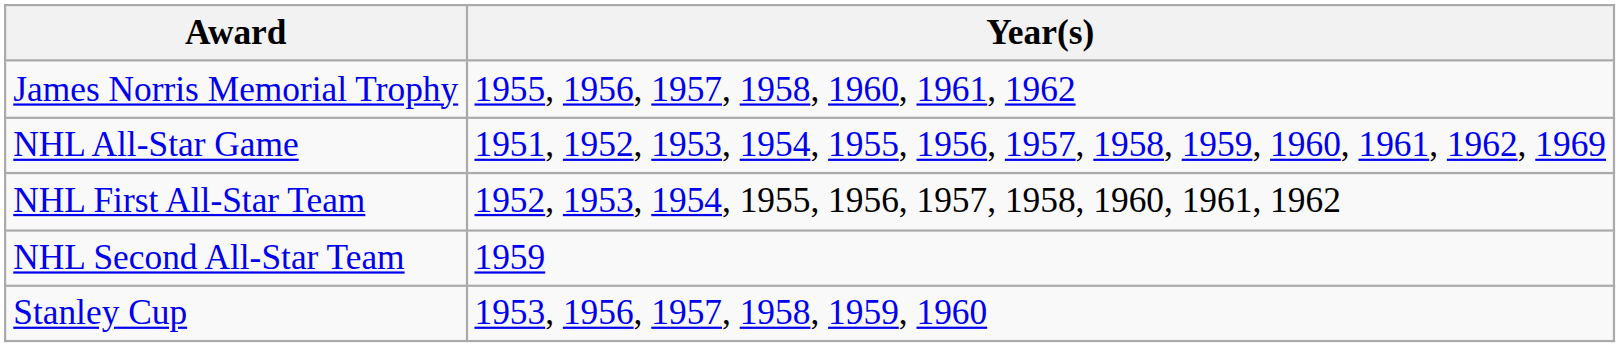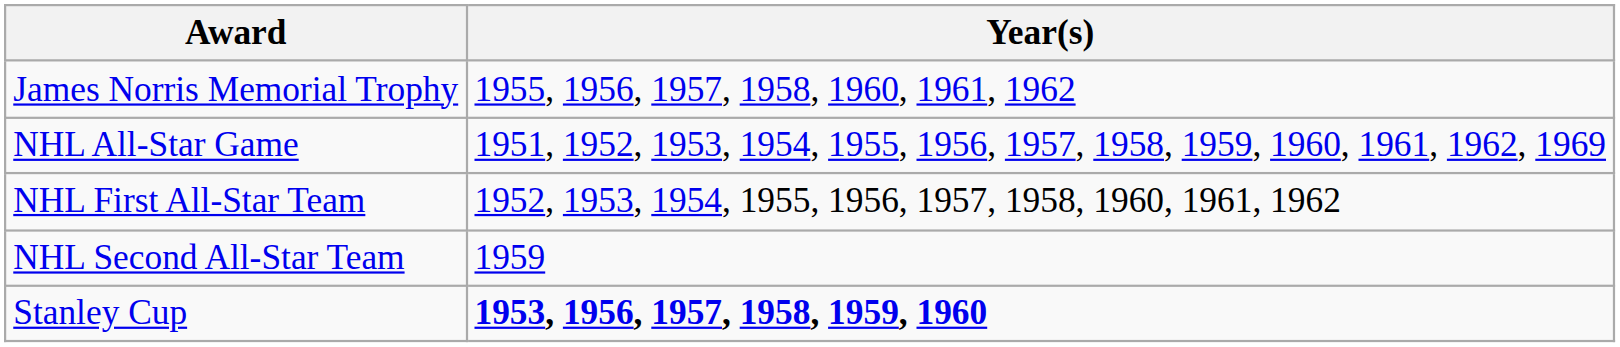 <table class="wikitable">
 <tr>
 <th>Award</th>
 <th>Year(s)</th>
 </tr>
 <tr>
 <td><a href='#'>James Norris Memorial Trophy</a></td>
 <td><a href='#'>1955</a>, <a href='#'>1956</a>, <a href='#'>1957</a>, <a href='#'>1958</a>, <a href='#'>1960</a>, <a href='#'>1961</a>, <a href='#'>1962</a></td>
 </tr>
 <tr>
 <td><a href='#'>NHL All-Star Game</a></td>
 <td><a href='#'>1951</a>, <a href='#'>1952</a>, <a href='#'>1953</a>, <a href='#'>1954</a>, <a href='#'>1955</a>, <a href='#'>1956</a>, <a href='#'>1957</a>, <a href='#'>1958</a>, <a href='#'>1959</a>, <a href='#'>1960</a>, <a href='#'>1961</a>, <a href='#'>1962</a>, <a href='#'>1969</a></td>
 </tr>
 <tr>
 <td><a href='#'>NHL First All-Star Team</a></td>
 <td><a href='#'>1952</a>, <a href='#'>1953</a>, <a href='#'>1954</a>, 1955, 1956, 1957, 1958, 1960, 1961, 1962</td>
 </tr>
 <tr>
 <td><a href='#'>NHL Second All-Star Team</a></td>
 <td><a href='#'>1959</a></td>
 </tr>
 <tr>
 <td><a href='#'>Stanley Cup</a></td>
-<td><a href='#'>1953</a>, <a href='#'>1956</a>, <a href='#'>1957</a>, <a href='#'>1958</a>, <a href='#'>1959</a>, <a href='#'>1960</a></td>
+<td><strong><a href='#'>1953</a>, <a href='#'>1956</a>, <a href='#'>1957</a>, <a href='#'>1958</a>, <a href='#'>1959</a>, <a href='#'>1960</a></strong></td>
 </tr>
 </table>
